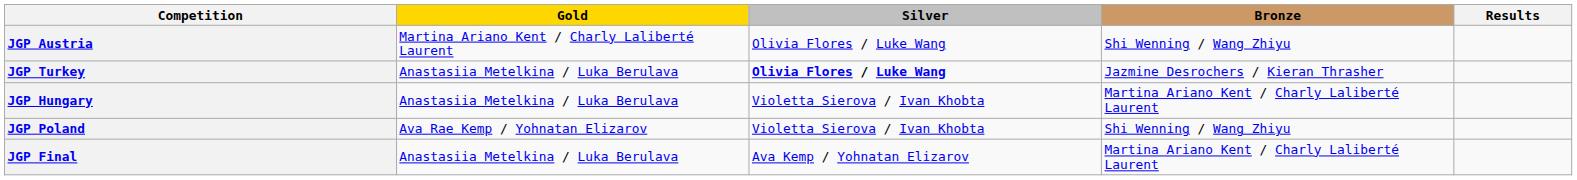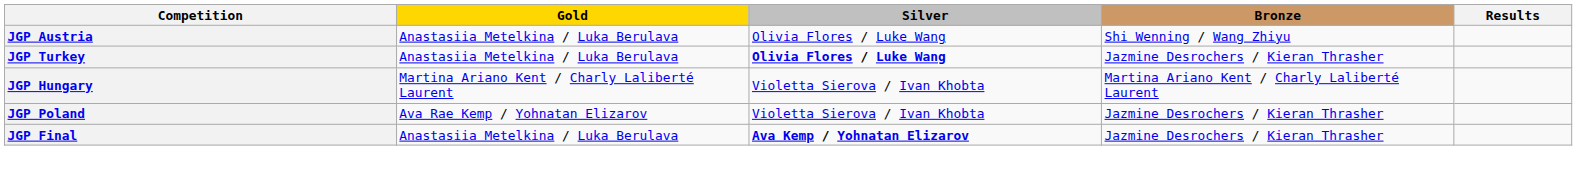 <table class="wikitable unsortable" style="text-align:left; width:100%;">
 <tr>
 <th scope="col" style="text-align:center; width:25%;">Competition</th>
 <td scope="col" style="text-align:center; width:22.5%; background:gold"><strong>Gold</strong></td>
 <td scope="col" style="text-align:center; width:22.5%; background:silver"><strong>Silver</strong></td>
 <td scope="col" style="text-align:center; width:22.5%; background:#c96"><strong>Bronze</strong></td>
 <th scope="col" style="text-align:center; width:7.5%;">Results</th>
 </tr>
 <tr>
 <th scope="row" style="text-align:left"> <a href='#'>JGP Austria</a></th>
-<td> <a href='#'>Martina Ariano Kent</a> / <a href='#'>Charly Laliberté Laurent</a></td>
+<td> <a href='#'>Anastasiia Metelkina</a> / <a href='#'>Luka Berulava</a></td>
 <td> <a href='#'>Olivia Flores</a> / <a href='#'>Luke Wang</a></td>
 <td> <a href='#'>Shi Wenning</a> / <a href='#'>Wang Zhiyu</a></td>
 <td></td>
 </tr>
 <tr>
 <th scope="row" style="text-align:left"> <a href='#'>JGP Turkey</a></th>
 <td> <a href='#'>Anastasiia Metelkina</a> / <a href='#'>Luka Berulava</a></td>
 <td><strong> <a href='#'>Olivia Flores</a> / <a href='#'>Luke Wang</a></strong></td>
 <td> <a href='#'>Jazmine Desrochers</a> / <a href='#'>Kieran Thrasher</a></td>
 <td></td>
 </tr>
 <tr>
 <th scope="row" style="text-align:left"> <a href='#'>JGP Hungary</a></th>
-<td> <a href='#'>Anastasiia Metelkina</a> / <a href='#'>Luka Berulava</a></td>
+<td> <a href='#'>Martina Ariano Kent</a> / <a href='#'>Charly Laliberté Laurent</a></td>
 <td> <a href='#'>Violetta Sierova</a> / <a href='#'>Ivan Khobta</a></td>
 <td> <a href='#'>Martina Ariano Kent</a> / <a href='#'>Charly Laliberté Laurent</a></td>
 <td></td>
 </tr>
 <tr>
 <th scope="row" style="text-align:left"> <a href='#'>JGP Poland</a></th>
 <td> <a href='#'>Ava Rae Kemp</a> / <a href='#'>Yohnatan Elizarov</a></td>
 <td> <a href='#'>Violetta Sierova</a> / <a href='#'>Ivan Khobta</a></td>
-<td> <a href='#'>Shi Wenning</a> / <a href='#'>Wang Zhiyu</a></td>
+<td> <a href='#'>Jazmine Desrochers</a> / <a href='#'>Kieran Thrasher</a></td>
 <td></td>
 </tr>
 <tr>
 <th scope="row" style="text-align:left"> <a href='#'>JGP Final</a></th>
 <td> <a href='#'>Anastasiia Metelkina</a> / <a href='#'>Luka Berulava</a></td>
-<td> <a href='#'>Ava Kemp</a> / <a href='#'>Yohnatan Elizarov</a></td>
-<td> <a href='#'>Martina Ariano Kent</a> / <a href='#'>Charly Laliberté Laurent</a></td>
+<td><strong> <a href='#'>Ava Kemp</a> / <a href='#'>Yohnatan Elizarov</a></strong></td>
+<td> <a href='#'>Jazmine Desrochers</a> / <a href='#'>Kieran Thrasher</a></td>
 <td><br></td>
 </tr>
 </table>
